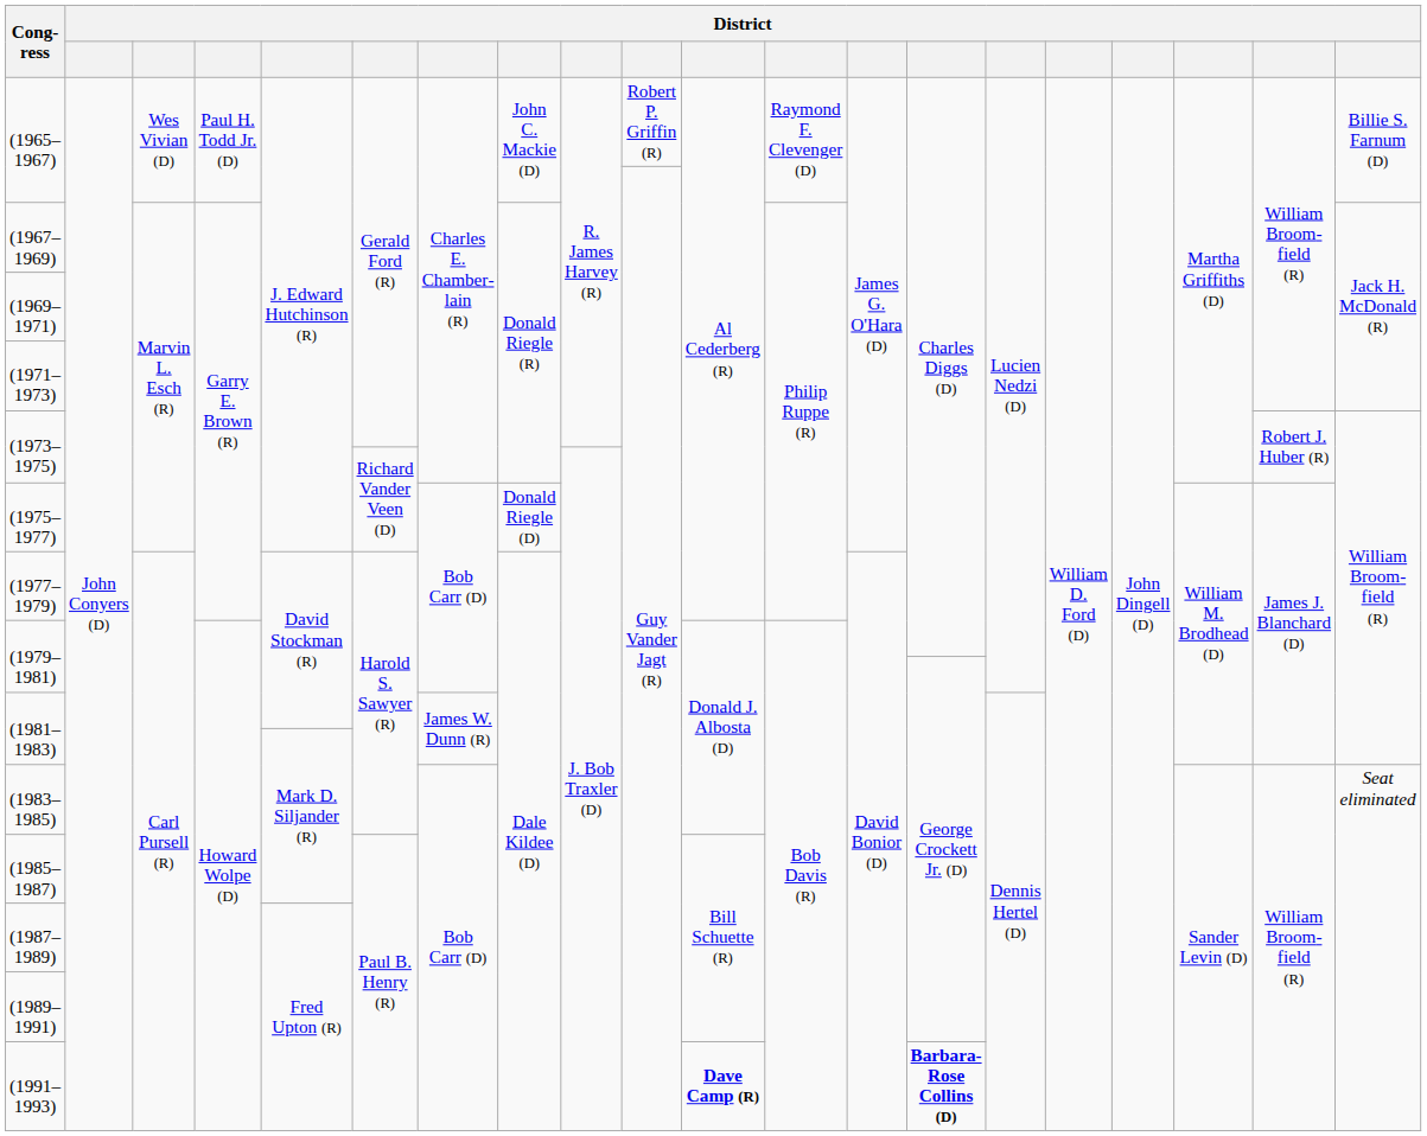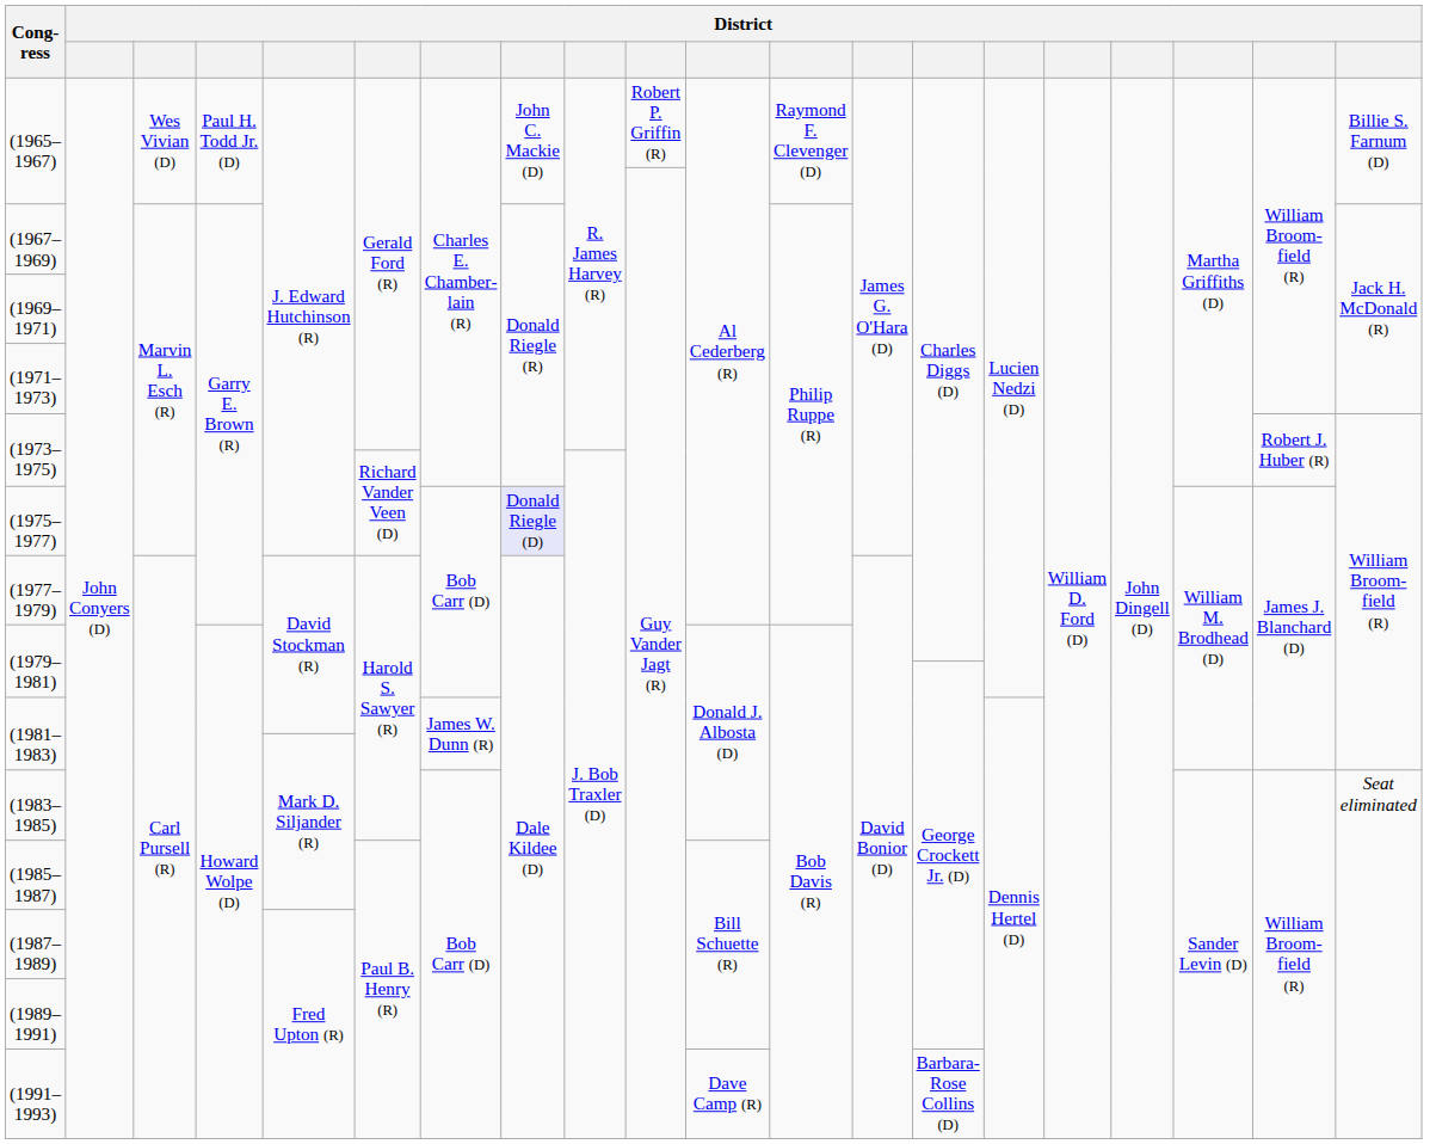 <table class=wikitable style="text-align:center">
 <tr style="height:2em">
 <th rowspan=2>Cong­ress</th>
 <th colspan=19>District</th>
 </tr>
 <tr style="height:2em" valign=bottom>
 <th></th>
 <th></th>
 <th></th>
 <th></th>
 <th></th>
 <th></th>
 <th></th>
 <th></th>
 <th></th>
 <th></th>
 <th></th>
 <th></th>
 <th></th>
 <th></th>
 <th></th>
 <th></th>
 <th></th>
 <th></th>
 <th></th>
 </tr>
 <tr style="height:2em">
 <td rowspan=2><strong></strong><br>(1965–1967)</td>
 <td rowspan=18 ><a href='#'>John<br>Conyers</a><br><small>(D)</small></td>
 <td rowspan=2 ><a href='#'>Wes<br>Vivian</a> <small>(D)</small></td>
 <td rowspan=2 ><a href='#'>Paul H.<br>Todd Jr.</a> <small>(D)</small></td>
 <td rowspan="8" ><a href='#'>J. Edward<br>Hutchinson</a><br><small>(R)</small></td>
 <td rowspan="6" ><a href='#'>Gerald<br>Ford</a> <small>(R)</small></td>
 <td rowspan="7" ><a href='#'>Charles E.<br>Chamber­lain</a><br><small>(R)</small></td>
 <td rowspan=2 ><a href='#'>John C.<br>Mackie</a> <small>(D)</small></td>
 <td rowspan="6" ><a href='#'>R. James<br>Harvey</a><br><small>(R)</small></td>
 <td><a href='#'>Robert P.<br>Griffin</a> <small>(R)</small></td>
 <td rowspan="9" ><a href='#'>Al<br>Cederberg</a><br><small>(R)</small></td>
 <td rowspan=2 ><a href='#'>Raymond F.<br>Clevenger</a> <small>(D)</small></td>
 <td rowspan=8 ><a href='#'>James<br>G.<br>O'Hara</a><br><small>(D)</small></td>
 <td rowspan="10" ><a href='#'>Charles<br>Diggs</a><br><small>(D)</small></td>
 <td rowspan=11 ><a href='#'>Lucien<br>Nedzi</a><br><small>(D)</small></td>
 <td rowspan=18 ><a href='#'>William<br>D.<br>Ford</a><br><small>(D)</small></td>
 <td rowspan="18" ><a href='#'>John<br>Dingell</a><br><small>(D)</small></td>
 <td rowspan="7" ><a href='#'>Martha<br>Griffiths</a><br><small>(D)</small></td>
 <td rowspan="5" ><a href='#'>William<br>Broom­field</a><br><small>(R)</small></td>
 <td rowspan=2 ><a href='#'>Billie S.<br>Farnum</a> <small>(D)</small></td>
 </tr>
 <tr style="height:2em">
 <td rowspan=17 ><a href='#'>Guy<br>Vander<br>Jagt</a> <small>(R)</small></td>
 </tr>
 <tr style="height:2em">
 <td><strong></strong><br>(1967–1969)</td>
 <td rowspan=6 ><a href='#'>Marvin L.<br>Esch</a> <small>(R)</small></td>
 <td rowspan=7 ><a href='#'>Garry E.<br>Brown</a><br><small>(R)</small></td>
 <td rowspan=5 ><a href='#'>Donald<br>Riegle</a> <small>(R)</small></td>
 <td rowspan=7 ><a href='#'>Philip<br>Ruppe</a><br><small>(R)</small></td>
 <td rowspan=3 ><a href='#'>Jack H.<br>McDonald</a><br><small>(R)</small></td>
 </tr>
 <tr style="height:2em">
 <td><strong></strong><br>(1969–1971)</td>
 </tr>
 <tr style="height:2em">
 <td><strong></strong><br>(1971–1973)</td>
 </tr>
 <tr style="height:2em">
 <td rowspan=2><strong></strong><br>(1973–1975)</td>
 <td rowspan=2 ><a href='#'>Robert J.<br>Huber</a> <small>(R)</small></td>
 <td rowspan=8 ><a href='#'>William<br>Broom­field</a><br><small>(R)</small></td>
 </tr>
 <tr style="height:2em">
 <td rowspan=2 ><a href='#'>Richard<br>Vander<br>Veen</a> <small>(D)</small></td>
 <td rowspan=12 ><a href='#'>J. Bob<br>Traxler</a><br><small>(D)</small></td>
 </tr>
 <tr style="height:2em">
 <td><strong></strong><br>(1975–1977)</td>
 <td rowspan=4 ><a href='#'>Bob<br>Carr</a> <small>(D)</small></td>
-<td><a href='#'>Donald<br>Riegle</a> <small>(D)</small></td>
+<td style="background: lavender;"><a href='#'>Donald<br>Riegle</a> <small>(D)</small></td>
 <td rowspan=6 ><a href='#'>William<br>M.<br>Brodhead</a><br><small>(D)</small></td>
 <td rowspan=6 ><a href='#'>James J.<br>Blanchard</a><br><small>(D)</small></td>
 </tr>
 <tr style="height:2em">
 <td><strong></strong><br>(1977–1979)</td>
 <td rowspan=10 ><a href='#'>Carl<br>Pursell</a><br><small>(R)</small></td>
 <td rowspan=4 ><a href='#'>David<br>Stockman</a><br><small>(R)</small></td>
 <td rowspan=6 ><a href='#'>Harold S.<br>Sawyer</a><br><small>(R)</small></td>
 <td rowspan=10 ><a href='#'>Dale<br>Kildee</a><br><small>(D)</small></td>
 <td rowspan=10 ><a href='#'>David<br>Bonior</a><br><small>(D)</small></td>
 </tr>
 <tr style="height:2em">
 <td rowspan=2><strong></strong><br>(1979–1981)</td>
 <td rowspan=9 ><a href='#'>Howard<br>Wolpe</a> <small>(D)</small></td>
 <td rowspan=5 ><a href='#'>Donald J.<br>Albosta</a> <small>(D)</small></td>
 <td rowspan=9 ><a href='#'>Bob<br>Davis</a><br><small>(R)</small></td>
 </tr>
 <tr style="height:2em">
 <td rowspan=7 ><a href='#'>George<br>Crockett<br>Jr.</a> <small>(D)</small></td>
 </tr>
 <tr style="height:2em">
 <td rowspan=2><strong></strong><br>(1981–1983)</td>
 <td rowspan=2 ><a href='#'>James W.<br>Dunn</a> <small>(R)</small></td>
 <td rowspan=7 ><a href='#'>Dennis<br>Hertel</a><br><small>(D)</small></td>
 </tr>
 <tr style="height:2em">
 <td rowspan=3 ><a href='#'>Mark D.<br>Siljander</a><br><small>(R)</small></td>
 </tr>
 <tr style="height:2em">
 <td><strong></strong><br>(1983–1985)</td>
 <td rowspan=5 ><a href='#'>Bob<br>Carr</a> <small>(D)</small></td>
 <td rowspan=5 ><a href='#'>Sander<br>Levin</a> <small>(D)</small></td>
 <td rowspan=5 ><a href='#'>William<br>Broom­field</a><br><small>(R)</small></td>
 <td rowspan=25 valign=top><em>Seat<br>eliminated</em></td>
 </tr>
 <tr style="height:2em">
 <td><strong></strong><br>(1985–1987)</td>
 <td rowspan=4 ><a href='#'>Paul B.<br>Henry</a> <small>(R)</small></td>
 <td rowspan=3 ><a href='#'>Bill<br>Schuette</a><br><small>(R)</small></td>
 </tr>
 <tr style="height:2em">
 <td><strong></strong><br>(1987–1989)</td>
 <td rowspan=3 ><a href='#'>Fred<br>Upton</a> <small>(R)</small></td>
 </tr>
 <tr style="height:2em">
 <td><strong></strong><br>(1989–1991)</td>
 </tr>
 <tr style="height:2em">
 <td><strong></strong><br>(1991–1993)</td>
-<td><strong><a href='#'>Dave<br>Camp</a> <small>(R)</small></strong></td>
-<td><strong><a href='#'>Barbara-Rose<br>Collins</a> <small>(D)</small></strong></td>
+<td><a href='#'>Dave<br>Camp</a> <small>(R)</small></td>
+<td><a href='#'>Barbara-Rose<br>Collins</a> <small>(D)</small></td>
 </tr>
 </table>
